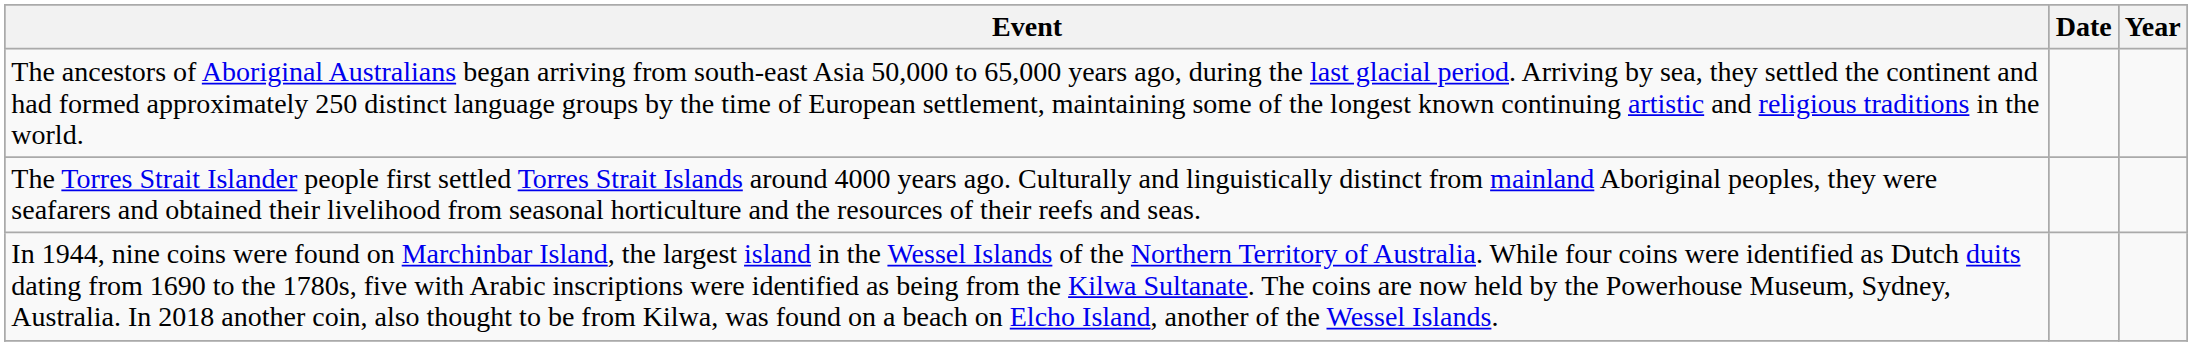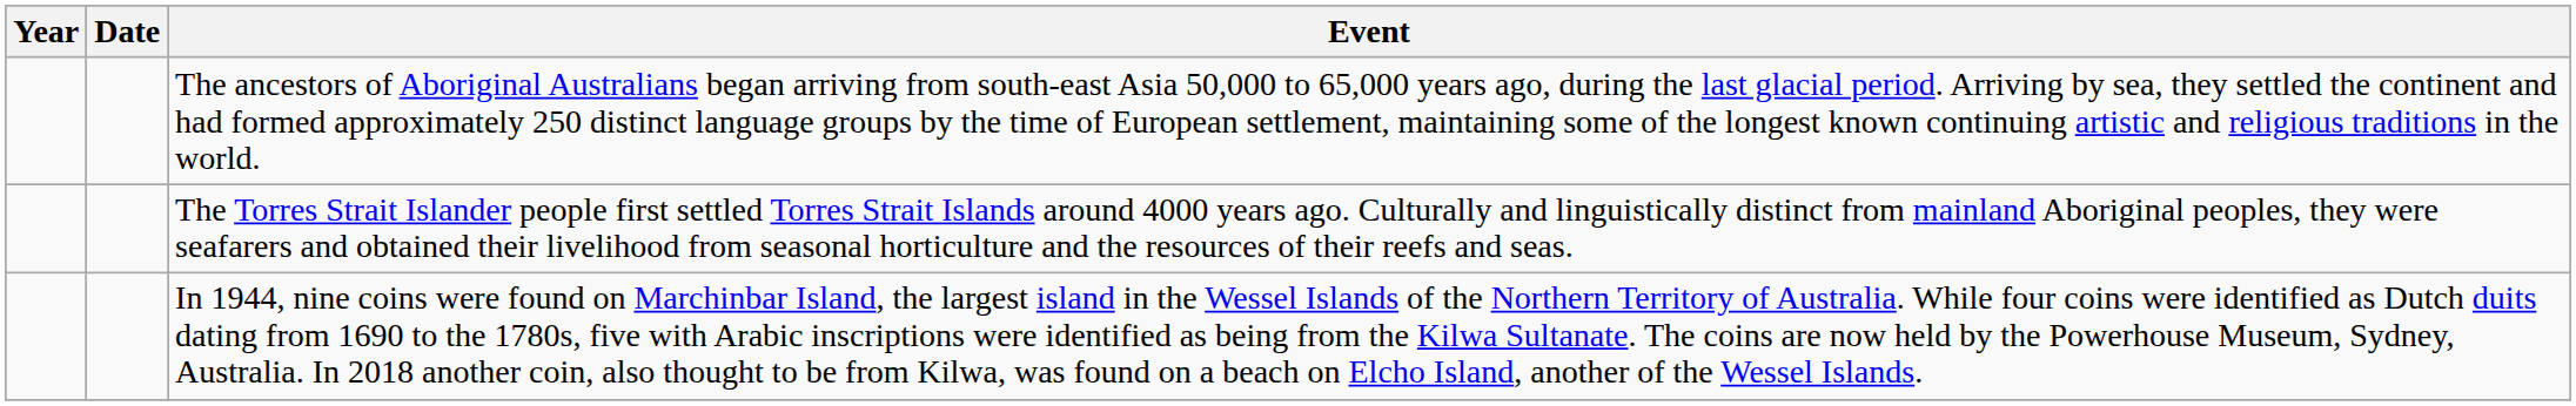 <table class="wikitable">
 <tr>
+<th>Year</th>
+<th>Date</th>
 <th>Event</th>
-<th>Date</th>
-<th>Year</th>
 </tr>
 <tr>
-<td>The ancestors of <a href='#'>Aboriginal Australians</a> began arriving from south-east Asia 50,000 to 65,000 years ago, during the <a href='#'>last glacial period</a>. Arriving by sea, they settled the continent and had formed approximately 250 distinct language groups by the time of European settlement, maintaining some of the longest known continuing <a href='#'>artistic</a> and <a href='#'>religious traditions</a> in the world.</td>
 <td></td>
 <td></td>
+<td>The ancestors of <a href='#'>Aboriginal Australians</a> began arriving from south-east Asia 50,000 to 65,000 years ago, during the <a href='#'>last glacial period</a>. Arriving by sea, they settled the continent and had formed approximately 250 distinct language groups by the time of European settlement, maintaining some of the longest known continuing <a href='#'>artistic</a> and <a href='#'>religious traditions</a> in the world.</td>
 </tr>
 <tr>
-<td>The <a href='#'>Torres Strait Islander</a> people first settled <a href='#'>Torres Strait Islands</a> around 4000 years ago. Culturally and linguistically distinct from <a href='#'>mainland</a> Aboriginal peoples, they were seafarers and obtained their livelihood from seasonal horticulture and the resources of their reefs and seas.</td>
 <td></td>
 <td></td>
+<td>The <a href='#'>Torres Strait Islander</a> people first settled <a href='#'>Torres Strait Islands</a> around 4000 years ago. Culturally and linguistically distinct from <a href='#'>mainland</a> Aboriginal peoples, they were seafarers and obtained their livelihood from seasonal horticulture and the resources of their reefs and seas.</td>
 </tr>
 <tr>
-<td>In 1944, nine coins were found on <a href='#'>Marchinbar Island</a>, the largest <a href='#'>island</a> in the <a href='#'>Wessel Islands</a> of the <a href='#'>Northern Territory of Australia</a>. While four coins were identified as Dutch <a href='#'>duits</a> dating from 1690 to the 1780s, five with Arabic inscriptions were identified as being from the <a href='#'>Kilwa Sultanate</a>. The coins are now held by the Powerhouse Museum, Sydney, Australia. In 2018 another coin, also thought to be from Kilwa, was found on a beach on <a href='#'>Elcho Island</a>, another of the <a href='#'>Wessel Islands</a>.</td>
 <td></td>
 <td></td>
+<td>In 1944, nine coins were found on <a href='#'>Marchinbar Island</a>, the largest <a href='#'>island</a> in the <a href='#'>Wessel Islands</a> of the <a href='#'>Northern Territory of Australia</a>. While four coins were identified as Dutch <a href='#'>duits</a> dating from 1690 to the 1780s, five with Arabic inscriptions were identified as being from the <a href='#'>Kilwa Sultanate</a>. The coins are now held by the Powerhouse Museum, Sydney, Australia. In 2018 another coin, also thought to be from Kilwa, was found on a beach on <a href='#'>Elcho Island</a>, another of the <a href='#'>Wessel Islands</a>.</td>
 </tr>
 </table>
